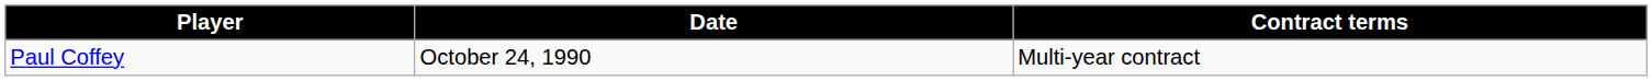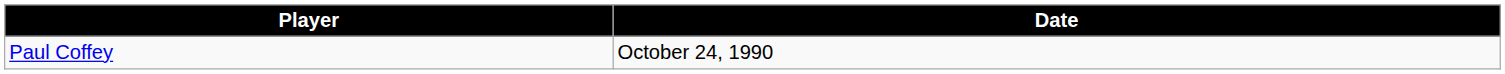 <table class="wikitable" style="width:75%;">
 <tr style="text-align:center; background:#ddd;">
 <th style="color:white; background:#000000; ">Player</th>
 <th style="color:white; background:#000000; ">Date</th>
-<th style="color:white; background:#000000; ">Contract terms</th>
 </tr>
 <tr>
 <td><a href='#'>Paul Coffey</a></td>
 <td>October 24, 1990</td>
-<td>Multi-year contract</td>
 </tr>
 </table>
